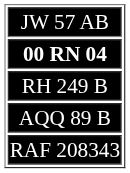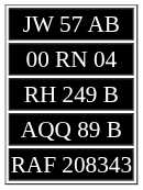 <table border="1" style="margin:1em auto;">
 <tr size="40"  style="text-align:center; color:white; font-size:14pt; background:black;">
 <td>JW 57 AB</td>
 </tr>
 <tr style="text-align:center; color:white; font-size:14pt; background:black;">
-<td><strong>00 RN 04</strong></td>
+<td>00 RN 04</td>
 </tr>
 <tr style="text-align:center; color:white; font-size:14pt; background:black;">
 <td>RH 249 B</td>
 </tr>
 <tr style="text-align:center; color:white; font-size:14pt; background:black;">
 <td>AQQ 89 B</td>
 </tr>
 <tr style="text-align:center; color:white; font-size:14pt; background:black;">
 <td>RAF 208343</td>
 </tr>
 </table>
